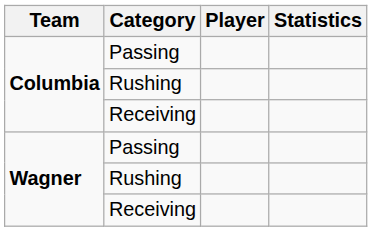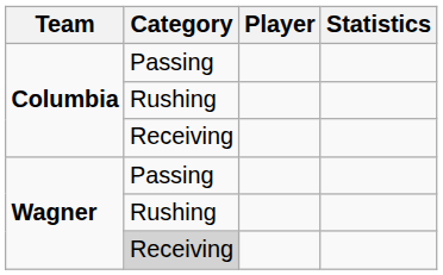 <table class="wikitable" style="float: right;">
 <tr>
 <th>Team</th>
 <th>Category</th>
 <th>Player</th>
 <th>Statistics</th>
 </tr>
 <tr>
 <td rowspan=3><strong>Columbia</strong></td>
 <td>Passing</td>
 <td></td>
 <td></td>
 </tr>
 <tr>
 <td>Rushing</td>
 <td></td>
 <td></td>
 </tr>
 <tr>
 <td>Receiving</td>
 <td></td>
 <td></td>
 </tr>
 <tr>
 <td rowspan=3><strong>Wagner</strong></td>
 <td>Passing</td>
 <td></td>
 <td></td>
 </tr>
 <tr>
 <td>Rushing</td>
 <td></td>
 <td></td>
 </tr>
 <tr>
-<td>Receiving</td>
+<td style="background: lightgrey;">Receiving</td>
 <td></td>
 <td></td>
 </tr>
 </table>
